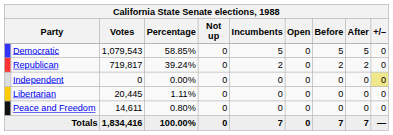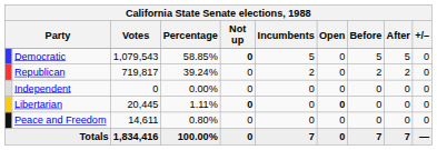 <table class="wikitable" style="font-size: 95%;">
 <tr style="background-color:#E9E9E9">
 <th colspan="10">California State Senate elections, 1988</th>
 </tr>
 <tr bgcolor="#EEEEEE" align="center">
 <th colspan=2 style="width: 10em">Party</th>
 <th style="width: 4em">Votes</th>
 <th style="width: 5em">Percentage</th>
 <th style="width: 3em">Not up</th>
 <th style="width: 5em">Incumbents</th>
 <th style="width: 2em">Open</th>
 <th style="width: 3em">Before</th>
 <th style="width: 2em">After</th>
 <th style="width: 1em">+/–</th>
 </tr>
 <tr>
 </tr>
 <tr>
 <th style="background-color:#3333FF; width: 3px"></th>
 <td style="width: 130px"><a href='#'>Democratic</a></td>
 <td align="right">1,079,543</td>
 <td align="right">58.85%</td>
-<td align="right">0</td>
+<td align="right"><strong>0</strong></td>
 <td align="right">5</td>
 <td align="right">0</td>
 <td align="right">5</td>
 <td align="right">5</td>
 <td align="right">0</td>
 </tr>
 <tr>
 <th style="background-color:#FF3333; width: 3px"></th>
 <td style="width: 130px"><a href='#'>Republican</a></td>
 <td align="right">719,817</td>
 <td align="right">39.24%</td>
 <td align="right">0</td>
 <td align="right">2</td>
 <td align="right">0</td>
 <td align="right">2</td>
 <td align="right">2</td>
 <td align="right">0</td>
 </tr>
 <tr>
 <th style="background-color:#DDDDDD; width: 3px"></th>
 <td style="width: 130px"><a href='#'>Independent</a></td>
 <td align="right">0</td>
 <td align="right">0.00%</td>
 <td align="right">0</td>
 <td align="right">0</td>
 <td align="right">0</td>
 <td align="right">0</td>
 <td align="right">0</td>
-<td align="right" style="background: khaki;">0</td>
+<td align="right">0</td>
 </tr>
 <tr>
 <th style="background-color:#FFCC00; width: 3px"></th>
 <td style="width: 130px"><a href='#'>Libertarian</a></td>
 <td align="right">20,445</td>
 <td align="right">1.11%</td>
+<td align="right"><strong>0</strong></td>
 <td align="right">0</td>
-<td align="right">0</td>
-<td align="right">0</td>
+<td align="right"><strong>0</strong></td>
 <td align="right">0</td>
 <td align="right">0</td>
 <td align="right">0</td>
 </tr>
 <tr>
 <th style="background-color:#111111; width: 3px"></th>
 <td style="width: 130px"><a href='#'>Peace and Freedom</a></td>
 <td align="right">14,611</td>
 <td align="right">0.80%</td>
 <td align="right">0</td>
 <td align="right">0</td>
 <td align="right">0</td>
 <td align="right">0</td>
 <td align="right">0</td>
 <td align="right">0</td>
 </tr>
 <tr bgcolor="#EEEEEE">
 <td colspan="2" align="right"><strong>Totals</strong></td>
 <td align="right"><strong>1,834,416</strong></td>
 <td align="right"><strong>100.00%</strong></td>
 <td align="right"><strong>0</strong></td>
 <td align="right"><strong>7</strong></td>
 <td align="right"><strong>0</strong></td>
 <td align="right"><strong>7</strong></td>
 <td align="right"><strong>7</strong></td>
 <td align="right"><strong>—</strong></td>
 </tr>
 </table>
